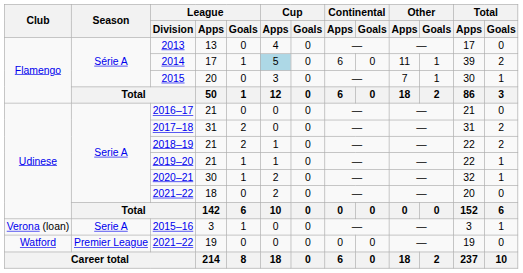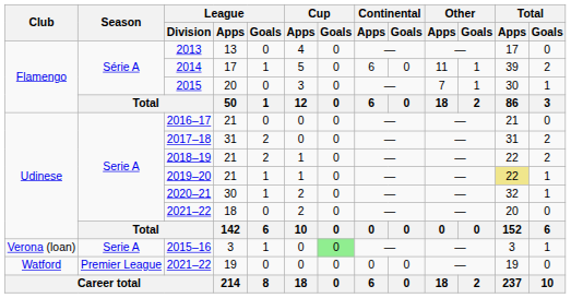 <table class="wikitable" style="text-align:center">
 <tr>
 <th rowspan="2">Club</th>
 <th rowspan="2">Season</th>
 <th colspan="3">League</th>
 <th colspan="2">Cup</th>
 <th colspan="2">Continental</th>
 <th colspan="2">Other</th>
 <th colspan="2">Total</th>
 </tr>
 <tr>
 <th>Division</th>
 <th>Apps</th>
 <th>Goals</th>
 <th>Apps</th>
 <th>Goals</th>
 <th>Apps</th>
 <th>Goals</th>
 <th>Apps</th>
 <th>Goals</th>
 <th>Apps</th>
 <th>Goals</th>
 </tr>
 <tr>
 <td rowspan="4"><a href='#'>Flamengo</a></td>
 <td rowspan="3"><a href='#'>Série A</a></td>
 <td><a href='#'>2013</a></td>
 <td>13</td>
 <td>0</td>
 <td>4</td>
 <td>0</td>
 <td colspan="2">—</td>
 <td colspan="2">—</td>
 <td>17</td>
 <td>0</td>
 </tr>
 <tr>
 <td><a href='#'>2014</a></td>
 <td>17</td>
 <td>1</td>
-<td style="background: lightblue;">5</td>
+<td>5</td>
 <td>0</td>
 <td>6</td>
 <td>0</td>
 <td>11</td>
 <td>1</td>
 <td>39</td>
 <td>2</td>
 </tr>
 <tr>
 <td><a href='#'>2015</a></td>
 <td>20</td>
 <td>0</td>
 <td>3</td>
 <td>0</td>
 <td colspan="2">—</td>
 <td>7</td>
 <td>1</td>
 <td>30</td>
 <td>1</td>
 </tr>
 <tr>
 <th colspan="2">Total</th>
 <th>50</th>
 <th>1</th>
 <th>12</th>
 <th>0</th>
 <th>6</th>
 <th>0</th>
 <th>18</th>
 <th>2</th>
 <th>86</th>
 <th>3</th>
 </tr>
 <tr>
 <td rowspan="7"><a href='#'>Udinese</a></td>
 <td rowspan="6"><a href='#'>Serie A</a></td>
 <td><a href='#'>2016–17</a></td>
 <td>21</td>
 <td>0</td>
 <td>0</td>
 <td>0</td>
 <td colspan="2">—</td>
 <td colspan="2">—</td>
 <td>21</td>
 <td>0</td>
 </tr>
 <tr>
 <td><a href='#'>2017–18</a></td>
 <td>31</td>
 <td>2</td>
 <td>0</td>
 <td>0</td>
 <td colspan="2">—</td>
 <td colspan="2">—</td>
 <td>31</td>
 <td>2</td>
 </tr>
 <tr>
 <td><a href='#'>2018–19</a></td>
 <td>21</td>
 <td>2</td>
 <td>1</td>
 <td>0</td>
 <td colspan="2">—</td>
 <td colspan="2">—</td>
 <td>22</td>
 <td>2</td>
 </tr>
 <tr>
 <td><a href='#'>2019–20</a></td>
 <td>21</td>
 <td>1</td>
 <td>1</td>
 <td>0</td>
 <td colspan="2">—</td>
 <td colspan="2">—</td>
-<td>22</td>
+<td style="background: khaki;">22</td>
 <td>1</td>
 </tr>
 <tr>
 <td><a href='#'>2020–21</a></td>
 <td>30</td>
 <td>1</td>
 <td>2</td>
 <td>0</td>
 <td colspan="2">—</td>
 <td colspan="2">—</td>
 <td>32</td>
 <td>1</td>
 </tr>
 <tr>
 <td><a href='#'>2021–22</a></td>
 <td>18</td>
 <td>0</td>
 <td>2</td>
 <td>0</td>
 <td colspan="2">—</td>
 <td colspan="2">—</td>
 <td>20</td>
 <td>0</td>
 </tr>
 <tr>
 <th colspan="2">Total</th>
 <th>142</th>
 <th>6</th>
 <th>10</th>
 <th>0</th>
 <th>0</th>
 <th>0</th>
 <th>0</th>
 <th>0</th>
 <th>152</th>
 <th>6</th>
 </tr>
 <tr>
 <td rowspan=""><a href='#'>Verona</a> (loan)</td>
 <td><a href='#'>Serie A</a></td>
 <td><a href='#'>2015–16</a></td>
 <td>3</td>
 <td>1</td>
 <td>0</td>
-<td>0</td>
+<td style="background: lightgreen;">0</td>
 <td colspan="2">—</td>
 <td colspan="2">—</td>
 <td>3</td>
 <td>1</td>
 </tr>
 <tr>
 <td rowspan=""><a href='#'>Watford</a></td>
 <td><a href='#'>Premier League</a></td>
 <td><a href='#'>2021–22</a></td>
 <td>19</td>
 <td>0</td>
 <td>0</td>
 <td>0</td>
 <td>0</td>
 <td>0</td>
 <td colspan="2">—</td>
 <td>19</td>
 <td>0</td>
 </tr>
 <tr>
 <th colspan="3">Career total</th>
 <th>214</th>
 <th>8</th>
 <th>18</th>
 <th>0</th>
 <th>6</th>
 <th>0</th>
 <th>18</th>
 <th>2</th>
 <th>237</th>
 <th>10</th>
 </tr>
 </table>
